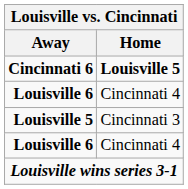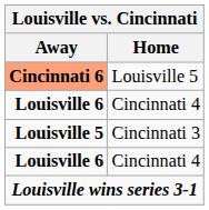 <table class="wikitable">
 <tr>
 <th bgcolor="#DDDDDD" colspan="4">Louisville vs. Cincinnati</th>
 </tr>
 <tr>
 <th>Away</th>
 <th>Home</th>
 </tr>
 <tr>
-<td align="right"><strong>Cincinnati 6</strong></td>
-<td><strong>Louisville 5</strong></td>
+<td align="right" style="background: lightsalmon;"><strong>Cincinnati 6</strong></td>
+<td>Louisville 5</td>
 </tr>
 <tr>
 <td align="right"><strong>Louisville 6</strong></td>
 <td>Cincinnati 4</td>
 </tr>
 <tr>
 <td align="right"><strong>Louisville 5</strong></td>
 <td>Cincinnati 3</td>
 </tr>
 <tr>
 <td align="right"><strong>Louisville 6</strong></td>
 <td>Cincinnati 4</td>
 </tr>
 <tr align="center">
 <td colspan="4"><strong><em>Louisville wins series 3-1</em></strong></td>
 </tr>
 </table>
